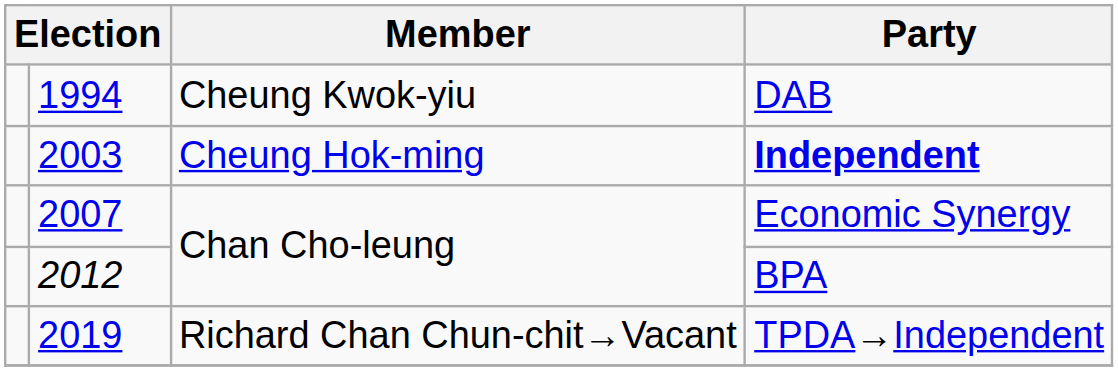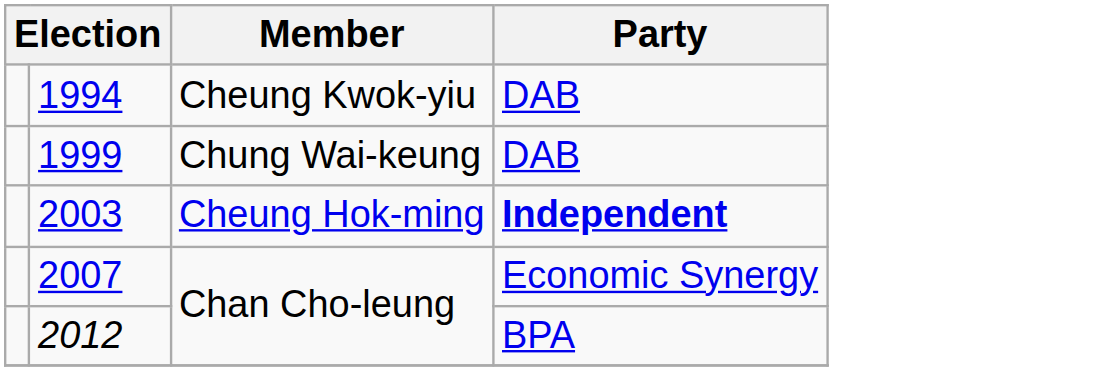 <table class="wikitable">
 <tr>
 <th colspan="2">Election</th>
 <th>Member</th>
 <th>Party</th>
 </tr>
 <tr>
 <td style="color:inherit;background:"></td>
 <td><a href='#'>1994</a></td>
 <td>Cheung Kwok-yiu</td>
+<td><a href='#'>DAB</a></td>
+</tr>
+<tr>
+<td style="color:inherit;background:"></td>
+<td><a href='#'>1999</a></td>
+<td>Chung Wai-keung</td>
 <td><a href='#'>DAB</a></td>
 </tr>
 <tr>
 <td style="color:inherit;background:"></td>
 <td><a href='#'>2003</a></td>
 <td><a href='#'>Cheung Hok-ming</a></td>
 <td><strong><a href='#'>Independent</a></strong></td>
 </tr>
 <tr>
 <td style="color:inherit;background:"></td>
 <td><a href='#'>2007</a></td>
 <td rowspan=2>Chan Cho-leung</td>
 <td><a href='#'>Economic Synergy</a></td>
 </tr>
 <tr>
 <td style="color:inherit;background:"></td>
 <td><em>2012</em></td>
 <td><a href='#'>BPA</a></td>
 </tr>
 <tr>
-<td style="color:inherit;background:"></td>
-<td><a href='#'>2019</a></td>
-<td>Richard Chan Chun-chit→Vacant</td>
-<td><a href='#'>TPDA</a>→<a href='#'>Independent</a></td>
-</tr>
-<tr>
 </tr>
 </table>
